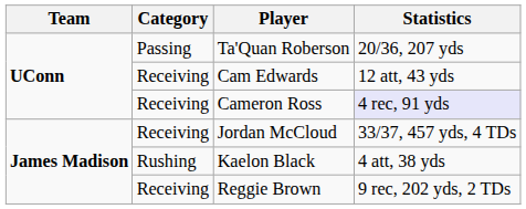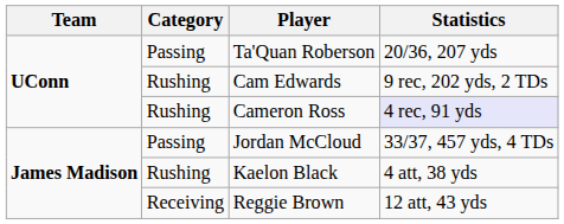 <table class="wikitable" style="float: right;">
 <tr>
 <th>Team</th>
 <th>Category</th>
 <th>Player</th>
 <th>Statistics</th>
 </tr>
 <tr>
 <td rowspan=3><strong>UConn</strong></td>
 <td>Passing</td>
 <td>Ta'Quan Roberson</td>
 <td>20/36, 207 yds</td>
 </tr>
 <tr>
-<td>Receiving</td>
+<td>Rushing</td>
 <td>Cam Edwards</td>
-<td>12 att, 43 yds</td>
+<td>9 rec, 202 yds, 2 TDs</td>
 </tr>
 <tr>
-<td>Receiving</td>
+<td>Rushing</td>
 <td>Cameron Ross</td>
 <td style="background: lavender;">4 rec, 91 yds</td>
 </tr>
 <tr>
 <td rowspan=3><strong>James Madison</strong></td>
-<td>Receiving</td>
+<td>Passing</td>
 <td>Jordan McCloud</td>
 <td>33/37, 457 yds, 4 TDs</td>
 </tr>
 <tr>
 <td>Rushing</td>
 <td>Kaelon Black</td>
 <td>4 att, 38 yds</td>
 </tr>
 <tr>
 <td>Receiving</td>
 <td>Reggie Brown</td>
-<td>9 rec, 202 yds, 2 TDs</td>
+<td>12 att, 43 yds</td>
 </tr>
 </table>
